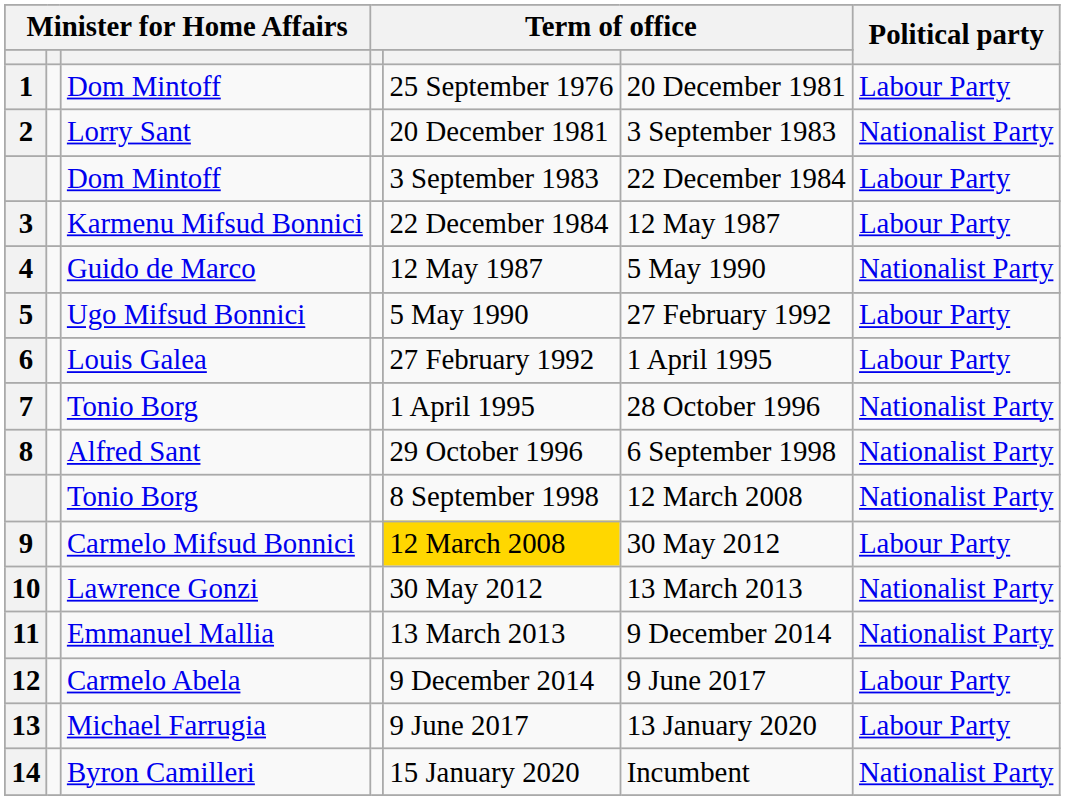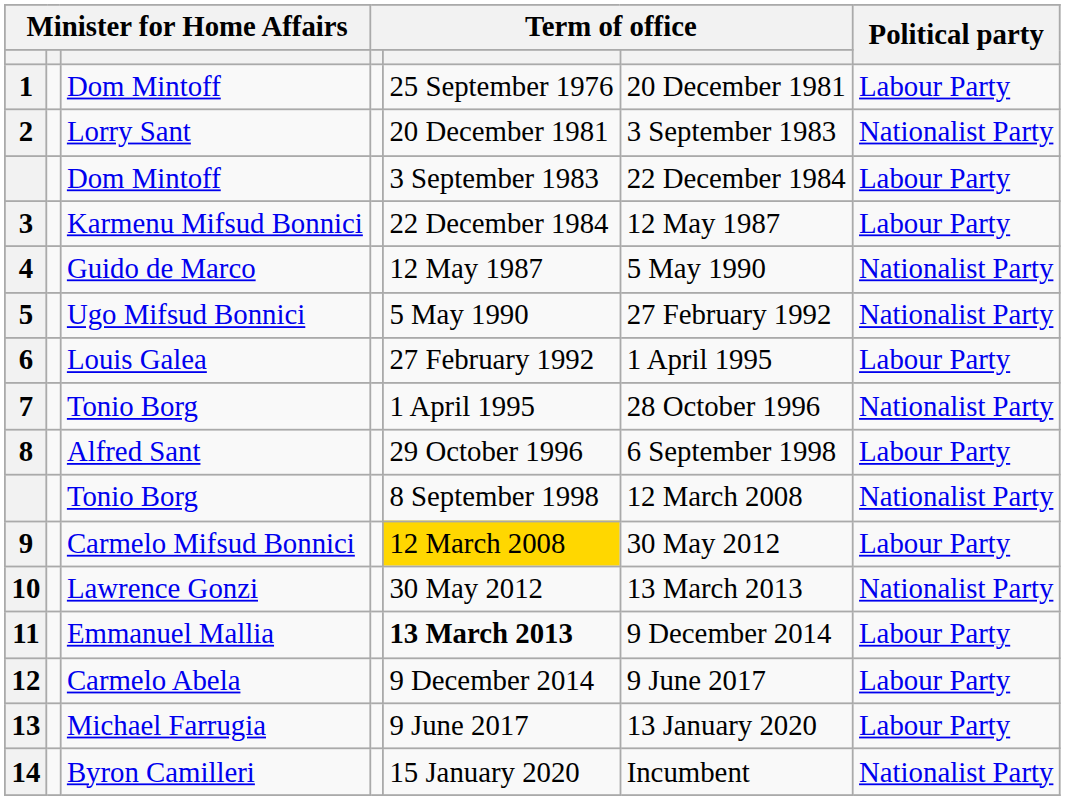 <table class="wikitable">
 <tr>
 <th colspan=3>Minister for Home Affairs</th>
 <th colspan=3>Term of office</th>
 <th rowspan=2>Political party</th>
 </tr>
 <tr>
 <th></th>
 <th></th>
 <th></th>
 <th></th>
 <th></th>
 <th></th>
 </tr>
 <tr>
 <th style="background:">1</th>
 <td></td>
 <td><a href='#'>Dom Mintoff</a><br></td>
 <td></td>
 <td>25 September 1976</td>
 <td>20 December 1981</td>
 <td><a href='#'>Labour Party</a></td>
 </tr>
 <tr>
 <th style="background:">2</th>
 <td></td>
 <td><a href='#'>Lorry Sant</a><br></td>
 <td></td>
 <td>20 December 1981</td>
 <td>3 September 1983</td>
 <td><a href='#'>Nationalist Party</a></td>
 </tr>
 <tr>
 <th style="background:"></th>
 <td></td>
 <td><a href='#'>Dom Mintoff</a><br></td>
 <td></td>
 <td>3 September 1983</td>
 <td>22 December 1984</td>
 <td><a href='#'>Labour Party</a></td>
 </tr>
 <tr>
 <th style="background:">3</th>
 <td></td>
 <td><a href='#'>Karmenu Mifsud Bonnici</a><br></td>
 <td></td>
 <td>22 December 1984</td>
 <td>12 May 1987</td>
 <td><a href='#'>Labour Party</a></td>
 </tr>
 <tr>
 <th style="background:">4</th>
 <td></td>
 <td><a href='#'>Guido de Marco</a><br></td>
 <td></td>
 <td>12 May 1987</td>
 <td>5 May 1990</td>
 <td><a href='#'>Nationalist Party</a></td>
 </tr>
 <tr>
 <th style="background:">5</th>
 <td></td>
 <td><a href='#'>Ugo Mifsud Bonnici</a><br></td>
 <td></td>
 <td>5 May 1990</td>
 <td>27 February 1992</td>
-<td><a href='#'>Labour Party</a></td>
+<td><a href='#'>Nationalist Party</a></td>
 </tr>
 <tr>
 <th style="background:">6</th>
 <td></td>
 <td><a href='#'>Louis Galea</a><br></td>
 <td></td>
 <td>27 February 1992</td>
 <td>1 April 1995</td>
 <td><a href='#'>Labour Party</a></td>
 </tr>
 <tr>
 <th style="background:">7</th>
 <td></td>
 <td><a href='#'>Tonio Borg</a><br></td>
 <td></td>
 <td>1 April 1995</td>
 <td>28 October 1996</td>
 <td><a href='#'>Nationalist Party</a></td>
 </tr>
 <tr>
 <th style="background:">8</th>
 <td></td>
 <td><a href='#'>Alfred Sant</a><br></td>
 <td></td>
 <td>29 October 1996</td>
 <td>6 September 1998</td>
-<td><a href='#'>Nationalist Party</a></td>
+<td><a href='#'>Labour Party</a></td>
 </tr>
 <tr>
 <th style="background:"></th>
 <td></td>
 <td><a href='#'>Tonio Borg</a><br></td>
 <td></td>
 <td>8 September 1998</td>
 <td>12 March 2008</td>
 <td><a href='#'>Nationalist Party</a></td>
 </tr>
 <tr>
 <th style="background:">9</th>
 <td></td>
 <td><a href='#'>Carmelo Mifsud Bonnici</a><br></td>
 <td></td>
 <td style="background: gold;">12 March 2008</td>
 <td>30 May 2012</td>
 <td><a href='#'>Labour Party</a></td>
 </tr>
 <tr>
 <th style="background:">10</th>
 <td></td>
 <td><a href='#'>Lawrence Gonzi</a><br></td>
 <td></td>
 <td>30 May 2012</td>
 <td>13 March 2013</td>
 <td><a href='#'>Nationalist Party</a></td>
 </tr>
 <tr>
 <th style="background:">11</th>
 <td></td>
 <td><a href='#'>Emmanuel Mallia</a><br></td>
 <td></td>
-<td>13 March 2013</td>
+<td><strong>13 March 2013</strong></td>
 <td>9 December 2014</td>
-<td><a href='#'>Nationalist Party</a></td>
+<td><a href='#'>Labour Party</a></td>
 </tr>
 <tr>
 <th style="background:">12</th>
 <td></td>
 <td><a href='#'>Carmelo Abela</a><br></td>
 <td></td>
 <td>9 December 2014</td>
 <td>9 June 2017</td>
 <td><a href='#'>Labour Party</a></td>
 </tr>
 <tr>
 <th style="background:">13</th>
 <td></td>
 <td><a href='#'>Michael Farrugia</a><br></td>
 <td></td>
 <td>9 June 2017</td>
 <td>13 January 2020</td>
 <td><a href='#'>Labour Party</a></td>
 </tr>
 <tr>
 <th style="background:">14</th>
 <td></td>
 <td><a href='#'>Byron Camilleri</a><br></td>
 <td></td>
 <td>15 January 2020</td>
 <td>Incumbent</td>
 <td><a href='#'>Nationalist Party</a></td>
 </tr>
 </table>
